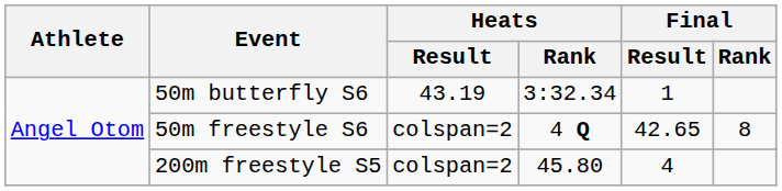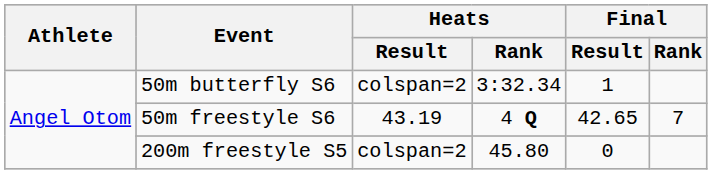 <table class=wikitable style="font-size:95%">
 <tr>
 <th rowspan=2>Athlete</th>
 <th rowspan=2>Event</th>
 <th colspan=2>Heats</th>
 <th colspan=2>Final</th>
 </tr>
 <tr>
 <th>Result</th>
 <th>Rank</th>
 <th>Result</th>
 <th>Rank</th>
 </tr>
 <tr align=center>
 <td rowspan=3 align=left><a href='#'>Angel Otom</a></td>
 <td align=left>50m butterfly S6</td>
-<td>43.19</td>
+<td>colspan=2 </td>
 <td>3:32.34</td>
 <td>1</td>
 </tr>
 <tr align=center>
 <td align=left>50m freestyle S6</td>
-<td>colspan=2 </td>
+<td>43.19</td>
 <td>4 <strong>Q</strong></td>
 <td>42.65</td>
-<td>8</td>
+<td>7</td>
 </tr>
 <tr align=center>
 <td align=left>200m freestyle S5</td>
 <td>colspan=2 </td>
 <td>45.80</td>
-<td>4</td>
+<td>0</td>
 </tr>
 </table>
